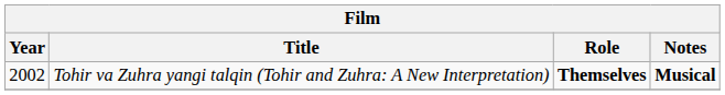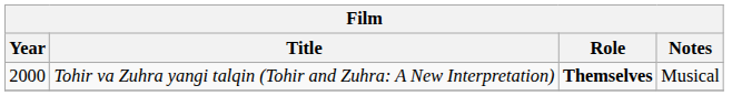 <table class="wikitable">
 <tr>
 <th colspan="5">Film</th>
 </tr>
 <tr>
 <th>Year</th>
 <th>Title</th>
 <th>Role</th>
 <th>Notes</th>
 </tr>
 <tr>
-<td>2002</td>
+<td>2000</td>
 <td><em>Tohir va Zuhra yangi talqin (Tohir and Zuhra: A New Interpretation)</em></td>
 <td><strong>Themselves</strong></td>
-<td><strong>Musical</strong></td>
+<td>Musical</td>
 </tr>
 <tr>
 </tr>
 </table>
